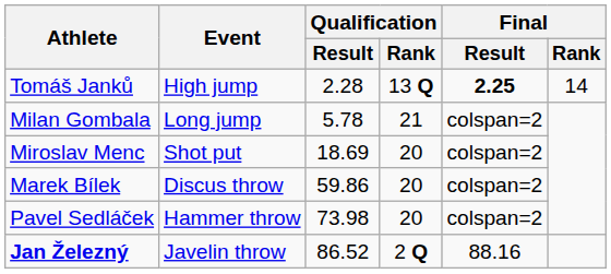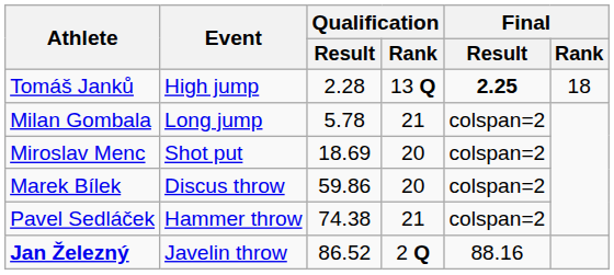 <table class=wikitable style=font-size:90%;text-align:center>
 <tr>
 <th rowspan=2>Athlete</th>
 <th rowspan=2>Event</th>
 <th colspan=2>Qualification</th>
 <th colspan=2>Final</th>
 </tr>
 <tr style=font-size:95%>
 <th>Result</th>
 <th>Rank</th>
 <th>Result</th>
 <th>Rank</th>
 </tr>
 <tr>
 <td align=left><a href='#'>Tomáš Janků</a></td>
 <td align=left><a href='#'>High jump</a></td>
 <td>2.28</td>
 <td>13 <strong>Q</strong></td>
 <td><strong>2.25</strong></td>
-<td>14</td>
+<td>18</td>
 </tr>
 <tr>
 <td align=left><a href='#'>Milan Gombala</a></td>
 <td align=left><a href='#'>Long jump</a></td>
 <td>5.78</td>
 <td>21</td>
 <td>colspan=2 </td>
 </tr>
 <tr>
 <td align=left><a href='#'>Miroslav Menc</a></td>
 <td align=left><a href='#'>Shot put</a></td>
 <td>18.69</td>
 <td>20</td>
 <td>colspan=2 </td>
 </tr>
 <tr>
 <td align=left><a href='#'>Marek Bílek</a></td>
 <td align=left><a href='#'>Discus throw</a></td>
 <td>59.86</td>
 <td>20</td>
 <td>colspan=2 </td>
 </tr>
 <tr>
 <td align=left><a href='#'>Pavel Sedláček</a></td>
 <td align=left><a href='#'>Hammer throw</a></td>
-<td>73.98</td>
-<td>20</td>
+<td>74.38</td>
+<td>21</td>
 <td>colspan=2 </td>
 </tr>
 <tr>
 <td align=left><strong><a href='#'>Jan Železný</a></strong></td>
 <td align=left><a href='#'>Javelin throw</a></td>
 <td>86.52</td>
 <td>2 <strong>Q</strong></td>
 <td>88.16</td>
 <td></td>
 </tr>
 </table>
